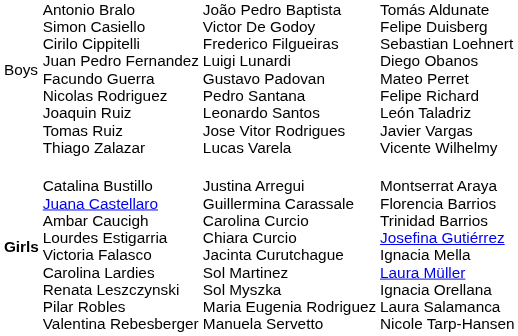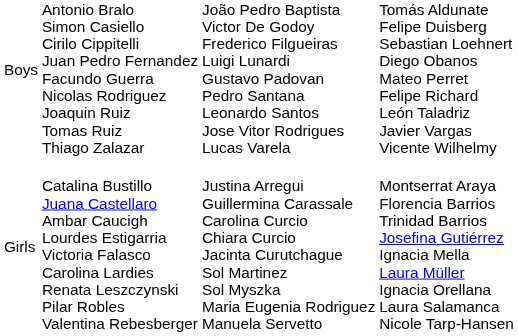 <table>
 <tr>
 <td>Boys</td>
 <td nowrap><br>Antonio Bralo<br>Simon Casiello<br>Cirilo Cippitelli<br>Juan Pedro Fernandez<br>Facundo Guerra<br>Nicolas Rodriguez<br>Joaquin Ruiz<br>Tomas Ruiz<br>Thiago Zalazar</td>
 <td><br>João Pedro Baptista<br>Victor De Godoy<br>Frederico Filgueiras<br>Luigi Lunardi<br>Gustavo Padovan<br>Pedro Santana<br>Leonardo Santos<br>Jose Vitor Rodrigues<br>Lucas Varela</td>
 <td><br>Tomás Aldunate<br>Felipe Duisberg<br>Sebastian Loehnert<br>Diego Obanos<br>Mateo Perret<br>Felipe Richard<br>León Taladriz<br>Javier Vargas<br>Vicente Wilhelmy</td>
 </tr>
 <tr>
-<td><strong>Girls</strong></td>
+<td>Girls</td>
 <td><br>Catalina Bustillo<br><a href='#'>Juana Castellaro</a><br>Ambar Caucigh<br>Lourdes Estigarria<br>Victoria Falasco<br>Carolina Lardies<br>Renata Leszczynski<br>Pilar Robles<br>Valentina Rebesberger</td>
 <td nowrap><br>Justina Arregui<br>Guillermina Carassale<br>Carolina Curcio<br>Chiara Curcio<br>Jacinta Curutchague<br>Sol Martinez<br>Sol Myszka<br>Maria Eugenia Rodriguez<br>Manuela Servetto</td>
 <td nowrap><br>Montserrat Araya<br>Florencia Barrios<br>Trinidad Barrios<br><a href='#'>Josefina Gutiérrez</a><br>Ignacia Mella<br><a href='#'>Laura Müller</a><br>Ignacia Orellana<br>Laura Salamanca<br>Nicole Tarp-Hansen</td>
 </tr>
 </table>
